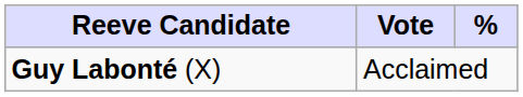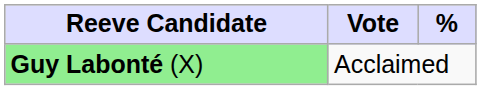 <table class="wikitable">
 <tr>
 <th style="background:#ddf; width:200px;">Reeve Candidate</th>
 <th style="background:#ddf; width:50px;">Vote</th>
 <th style="background:#ddf; width:30px;">%</th>
 </tr>
 <tr>
-<td><strong>Guy Labonté</strong> (X)</td>
+<td style="background: lightgreen;"><strong>Guy Labonté</strong> (X)</td>
 <td colspan="2">Acclaimed</td>
 </tr>
 </table>
